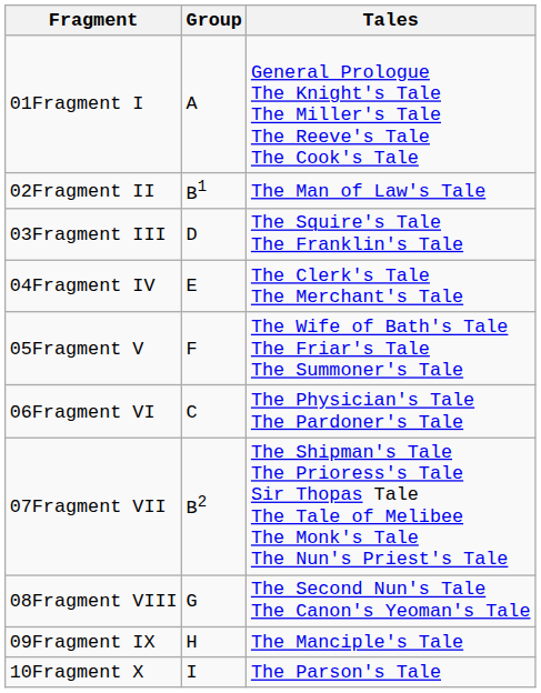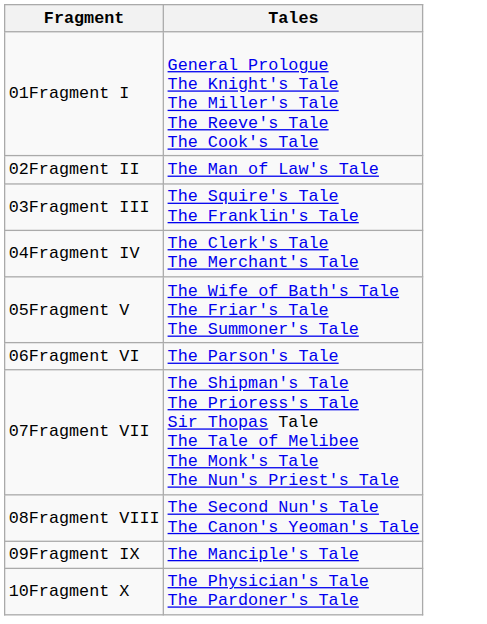 <table class="wikitable sortable">
 <tr>
 <th>Fragment</th>
-<th>Group</th>
 <th class="unsortable">Tales</th>
 </tr>
 <tr>
 <td><span>01</span>Fragment I</td>
-<td>A</td>
 <td><br><a href='#'>General Prologue</a> <br> <a href='#'>The Knight's Tale</a> <br> <a href='#'>The Miller's Tale</a> <br> <a href='#'>The Reeve's Tale</a> <br> <a href='#'>The Cook's Tale</a></td>
 </tr>
 <tr>
 <td><span>02</span>Fragment II</td>
-<td>B<sup>1</sup></td>
 <td><a href='#'>The Man of Law's Tale</a></td>
 </tr>
 <tr>
 <td><span>03</span>Fragment III</td>
-<td>D</td>
 <td><a href='#'>The Squire's Tale</a><br><a href='#'>The Franklin's Tale</a></td>
 </tr>
 <tr>
 <td><span>04</span>Fragment IV</td>
-<td>E</td>
 <td><a href='#'>The Clerk's Tale</a><br><a href='#'>The Merchant's Tale</a></td>
 </tr>
 <tr>
 <td><span>05</span>Fragment V</td>
-<td>F</td>
 <td><a href='#'>The Wife of Bath's Tale</a><br><a href='#'>The Friar's Tale</a><br><a href='#'>The Summoner's Tale</a></td>
 </tr>
 <tr>
 <td><span>06</span>Fragment VI</td>
-<td>C</td>
-<td><a href='#'>The Physician's Tale</a><br><a href='#'>The Pardoner's Tale</a></td>
+<td><a href='#'>The Parson's Tale</a></td>
 </tr>
 <tr>
 <td><span>07</span>Fragment VII</td>
-<td>B<sup>2</sup></td>
 <td><a href='#'>The Shipman's Tale</a><br><a href='#'>The Prioress's Tale</a><br><a href='#'>Sir Thopas</a> Tale<br><a href='#'>The Tale of Melibee</a><br><a href='#'>The Monk's Tale</a><br><a href='#'>The Nun's Priest's Tale</a></td>
 </tr>
 <tr>
 <td><span>08</span>Fragment VIII</td>
-<td>G</td>
 <td><a href='#'>The Second Nun's Tale</a><br><a href='#'>The Canon's Yeoman's Tale</a></td>
 </tr>
 <tr>
 <td><span>09</span>Fragment IX</td>
-<td>H</td>
 <td><a href='#'>The Manciple's Tale</a></td>
 </tr>
 <tr>
 <td><span>10</span>Fragment X</td>
-<td>I</td>
-<td><a href='#'>The Parson's Tale</a></td>
+<td><a href='#'>The Physician's Tale</a><br><a href='#'>The Pardoner's Tale</a></td>
 </tr>
 </table>
